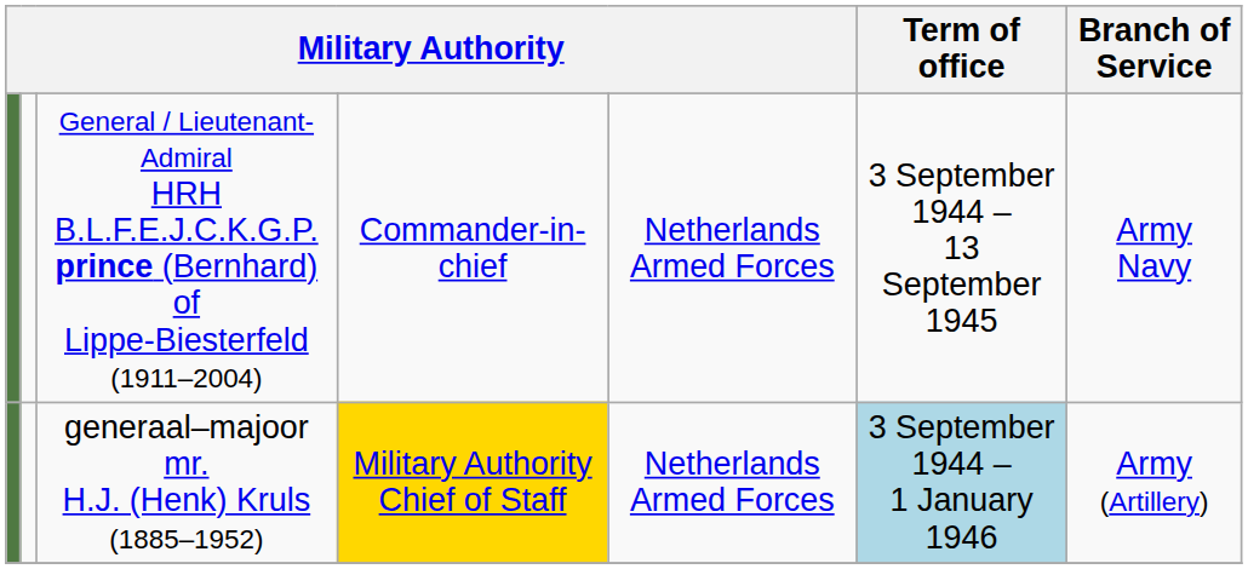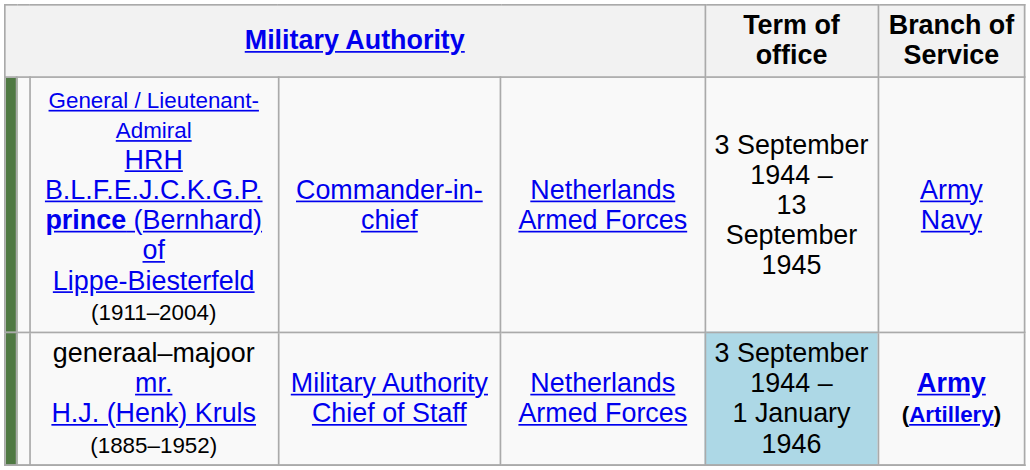 <table class="wikitable" style="text-align:center">
 <tr>
 <th colspan=5><a href='#'>Military Authority</a></th>
 <th>Term of office</th>
 <th>Branch of Service</th>
 </tr>
 <tr>
 <td style="background-color:#4F7942;"></td>
 <td></td>
 <td><small><a href='#'>General / Lieutenant-Admiral</a></small> <br> <a href='#'>HRH <br> B.L.F.E.J.C.K.G.P. <br> <strong>prince</strong> (Bernhard) of <br> Lippe-Biesterfeld</a> <br> <small>(1911–2004)</small></td>
 <td><a href='#'>Commander-in-chief</a></td>
 <td><a href='#'>Netherlands Armed Forces</a></td>
 <td>3 September 1944 – <br> 13 September 1945</td>
 <td><a href='#'>Army</a> <br> <a href='#'>Navy</a></td>
 </tr>
 <tr>
 <td style="background-color:#4F7942;"></td>
 <td></td>
 <td>generaal–majoor <br> <a href='#'>mr. <br> H.J. (Henk) Kruls</a> <br> <small>(1885–1952)</small></td>
-<td style="background: gold;"><a href='#'>Military Authority Chief of Staff</a></td>
+<td><a href='#'>Military Authority Chief of Staff</a></td>
 <td><a href='#'>Netherlands Armed Forces</a></td>
 <td style="background: lightblue;">3 September 1944 – <br> 1 January 1946</td>
-<td><a href='#'>Army</a> <br> <small>(<a href='#'>Artillery</a>)</small></td>
+<td><strong><a href='#'>Army</a> <br> <small>(<a href='#'>Artillery</a>)</small></strong></td>
 </tr>
 <tr>
 </tr>
 </table>
